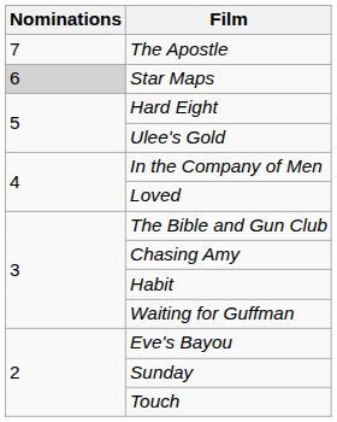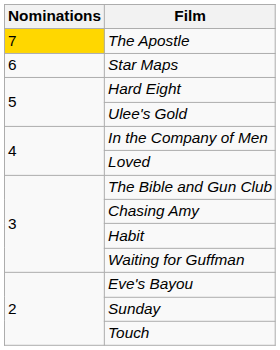 <table class="wikitable">
 <tr>
 <th>Nominations</th>
 <th>Film</th>
 </tr>
 <tr>
-<td>7</td>
+<td style="background: gold;">7</td>
 <td><em>The Apostle</em></td>
 </tr>
 <tr>
-<td style="background: lightgrey;">6</td>
+<td>6</td>
 <td><em>Star Maps</em></td>
 </tr>
 <tr>
 <td rowspan="2">5</td>
 <td><em>Hard Eight</em></td>
 </tr>
 <tr>
 <td><em>Ulee's Gold</em></td>
 </tr>
 <tr>
 <td rowspan="2">4</td>
 <td><em>In the Company of Men</em></td>
 </tr>
 <tr>
 <td><em>Loved</em></td>
 </tr>
 <tr>
 <td rowspan="4">3</td>
 <td><em>The Bible and Gun Club</em></td>
 </tr>
 <tr>
 <td><em>Chasing Amy</em></td>
 </tr>
 <tr>
 <td><em>Habit</em></td>
 </tr>
 <tr>
 <td><em>Waiting for Guffman</em></td>
 </tr>
 <tr>
 <td rowspan="3">2</td>
 <td><em>Eve's Bayou</em></td>
 </tr>
 <tr>
 <td><em>Sunday</em></td>
 </tr>
 <tr>
 <td><em>Touch</em></td>
 </tr>
 </table>
